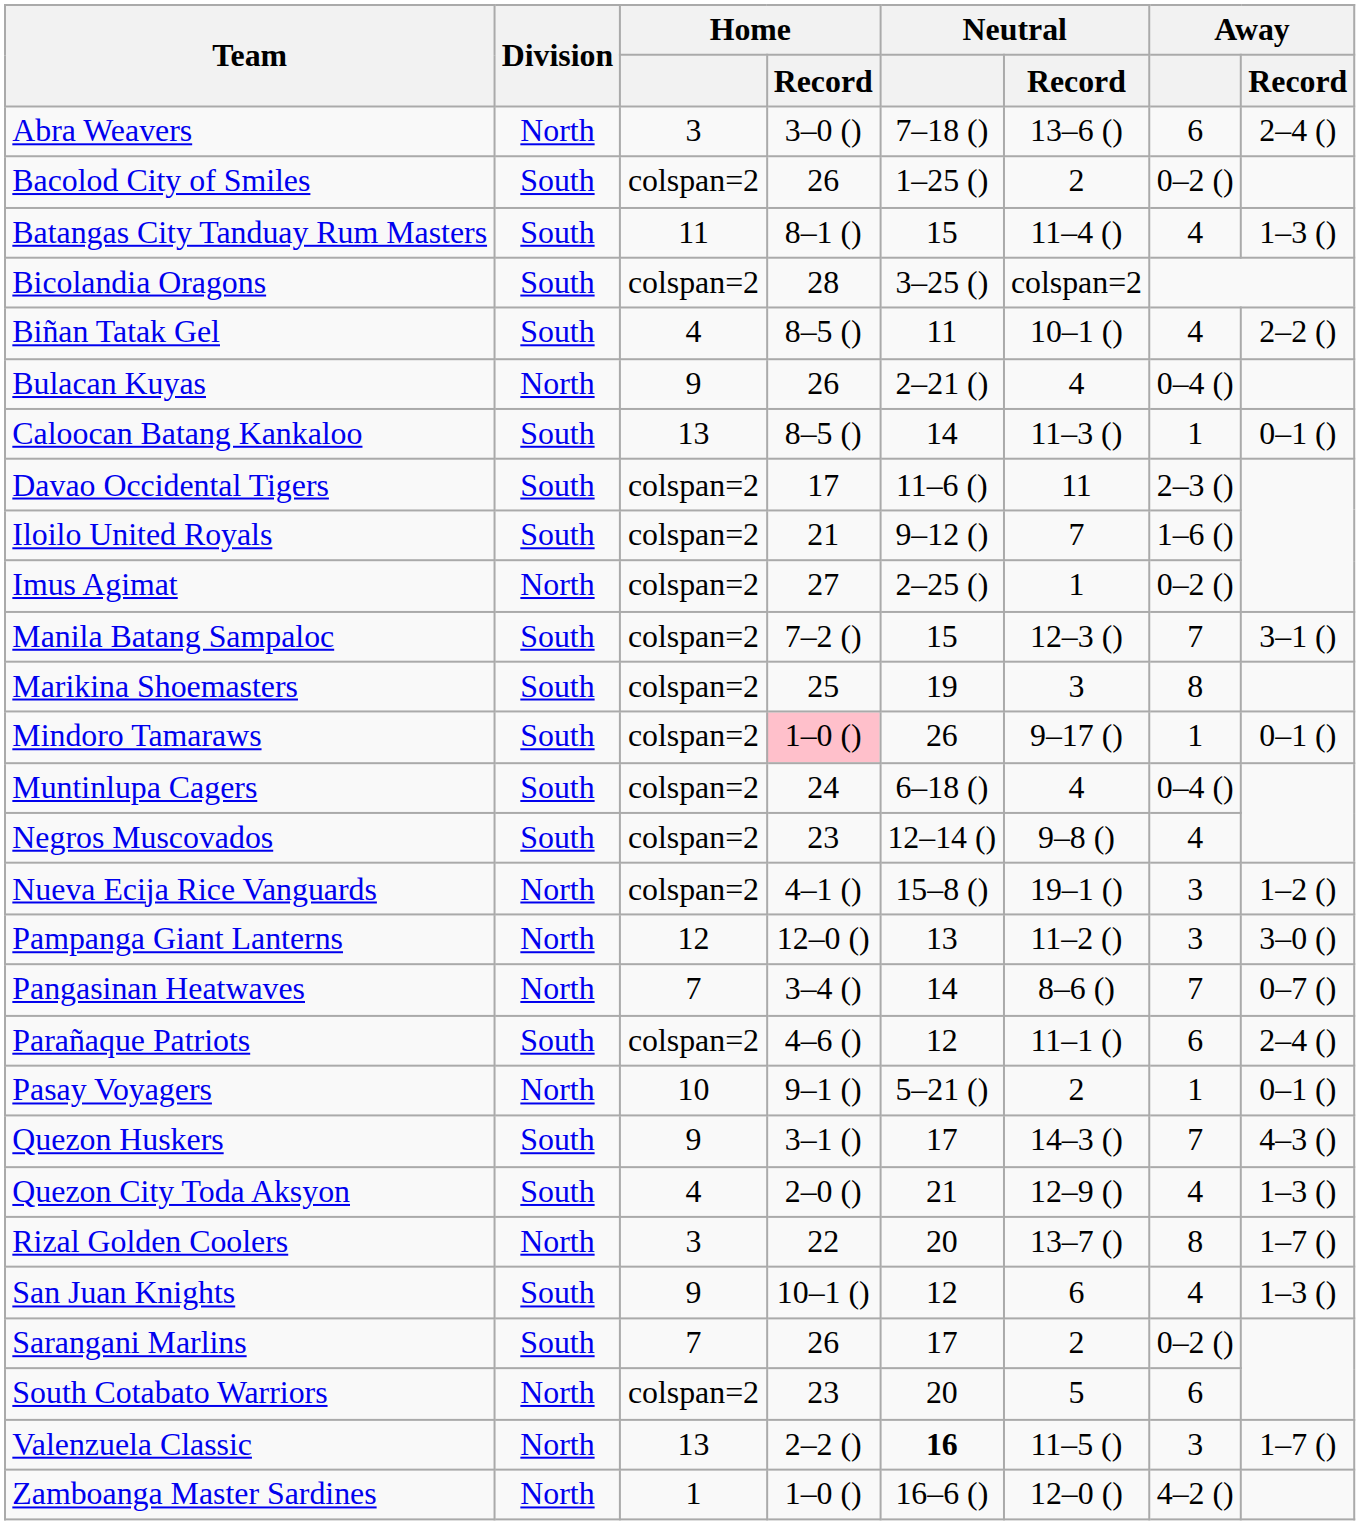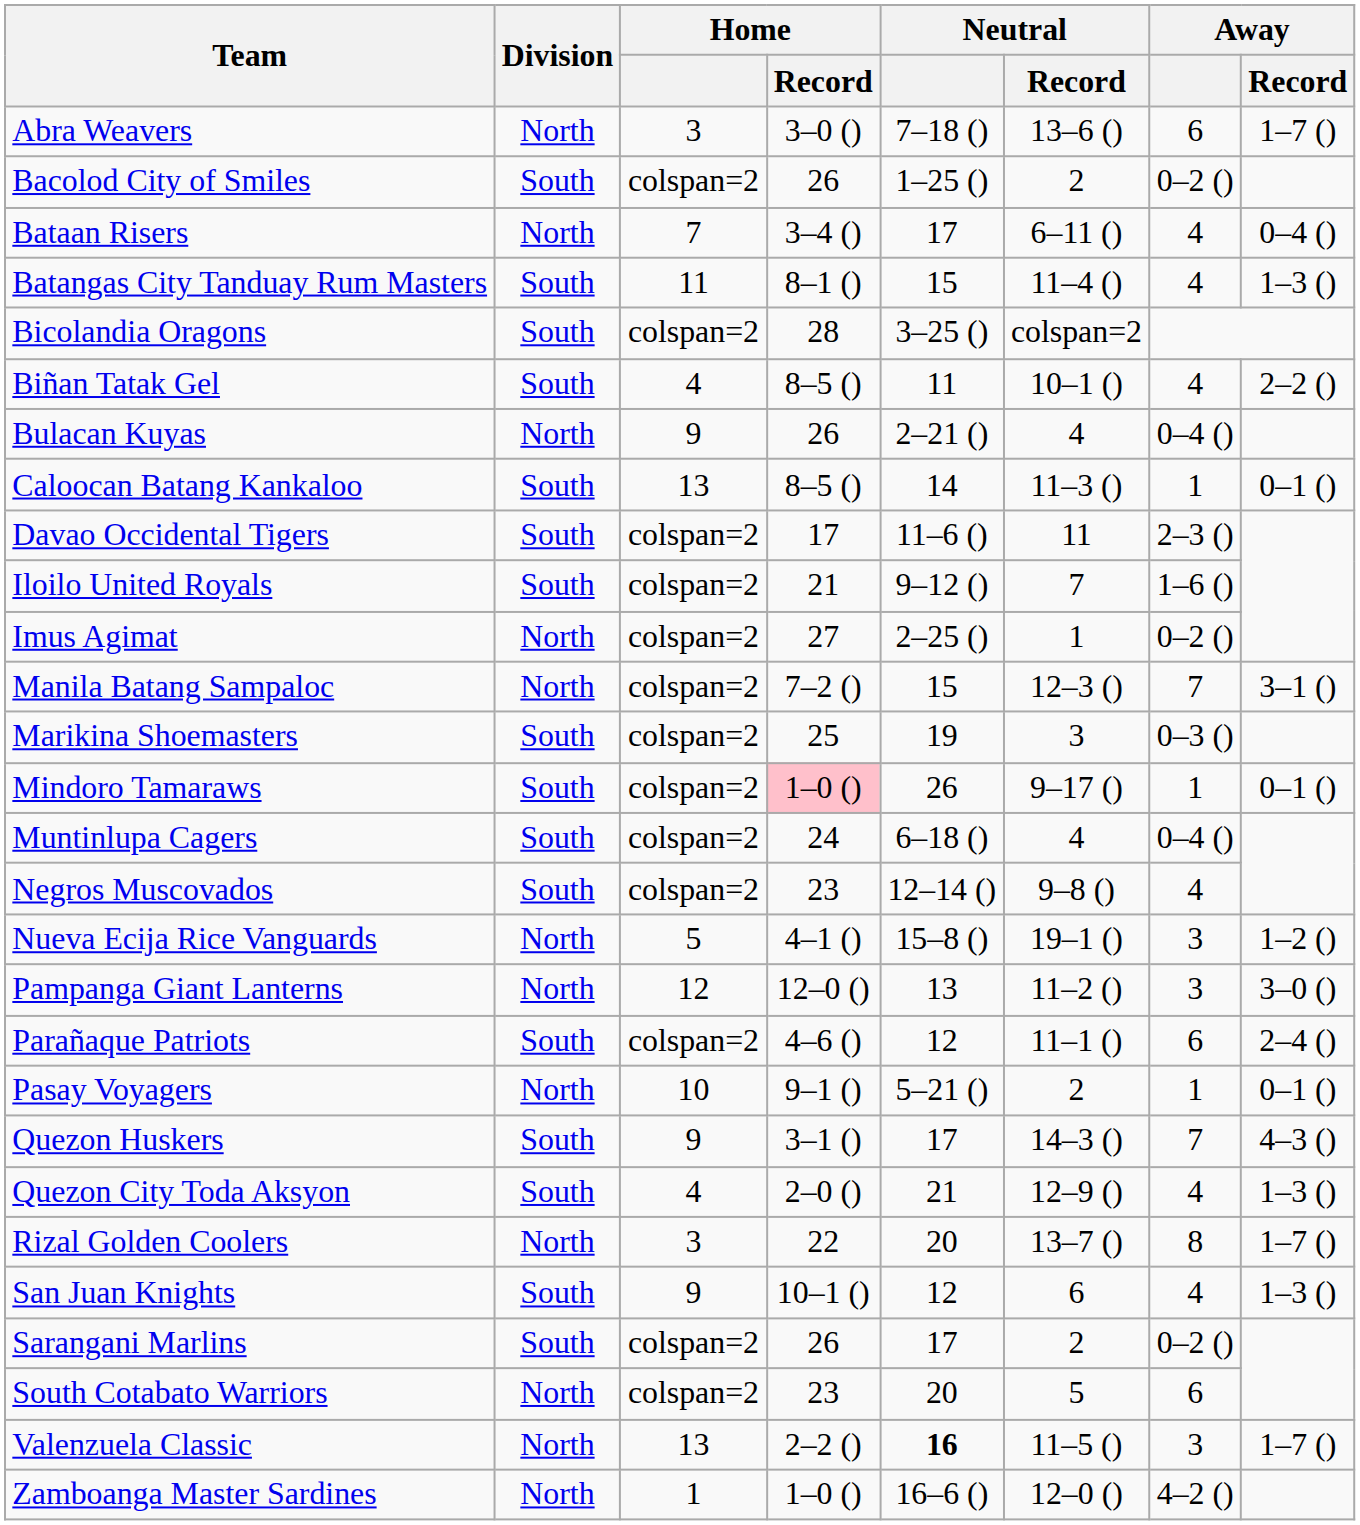 <table class="wikitable sortable" style="text-align:center">
 <tr>
 <th rowspan=2>Team</th>
 <th rowspan=2>Division</th>
 <th colspan=2 class="unsortable">Home</th>
 <th colspan=2 class="unsortable">Neutral</th>
 <th colspan=2 class="unsortable">Away</th>
 </tr>
 <tr>
 <th></th>
 <th>Record</th>
 <th></th>
 <th>Record</th>
 <th></th>
 <th>Record</th>
 </tr>
 <tr>
 <td align=left><a href='#'>Abra Weavers</a></td>
 <td><a href='#'>North</a></td>
 <td>3</td>
 <td>3–0 ()</td>
 <td>7–18 ()</td>
 <td>13–6 ()</td>
 <td>6</td>
-<td>2–4 ()</td>
+<td>1–7 ()</td>
 </tr>
 <tr>
 <td align=left><a href='#'>Bacolod City of Smiles</a></td>
 <td><a href='#'>South</a></td>
 <td>colspan=2 </td>
 <td>26</td>
 <td>1–25 ()</td>
 <td>2</td>
 <td>0–2 ()</td>
+</tr>
+<tr>
+<td align=left><a href='#'>Bataan Risers</a></td>
+<td><a href='#'>North</a></td>
+<td>7</td>
+<td>3–4 ()</td>
+<td>17</td>
+<td>6–11 ()</td>
+<td>4</td>
+<td>0–4 ()</td>
 </tr>
 <tr>
 <td align=left><a href='#'>Batangas City Tanduay Rum Masters</a></td>
 <td><a href='#'>South</a></td>
 <td>11</td>
 <td>8–1 ()</td>
 <td>15</td>
 <td>11–4 ()</td>
 <td>4</td>
 <td>1–3 ()</td>
 </tr>
 <tr>
 <td align=left><a href='#'>Bicolandia Oragons</a></td>
 <td><a href='#'>South</a></td>
 <td>colspan=2 </td>
 <td>28</td>
 <td>3–25 ()</td>
 <td>colspan=2 </td>
 </tr>
 <tr>
 <td align=left><a href='#'>Biñan Tatak Gel</a></td>
 <td><a href='#'>South</a></td>
 <td>4</td>
 <td>8–5 ()</td>
 <td>11</td>
 <td>10–1 ()</td>
 <td>4</td>
 <td>2–2 ()</td>
 </tr>
 <tr>
 <td align=left><a href='#'>Bulacan Kuyas</a></td>
 <td><a href='#'>North</a></td>
 <td>9</td>
 <td>26</td>
 <td>2–21 ()</td>
 <td>4</td>
 <td>0–4 ()</td>
 </tr>
 <tr>
 <td align=left><a href='#'>Caloocan Batang Kankaloo</a></td>
 <td><a href='#'>South</a></td>
 <td>13</td>
 <td>8–5 ()</td>
 <td>14</td>
 <td>11–3 ()</td>
 <td>1</td>
 <td>0–1 ()</td>
 </tr>
 <tr>
 <td align=left><a href='#'>Davao Occidental Tigers</a></td>
 <td><a href='#'>South</a></td>
 <td>colspan=2 </td>
 <td>17</td>
 <td>11–6 ()</td>
 <td>11</td>
 <td>2–3 ()</td>
 </tr>
 <tr>
 <td align=left><a href='#'>Iloilo United Royals</a></td>
 <td><a href='#'>South</a></td>
 <td>colspan=2 </td>
 <td>21</td>
 <td>9–12 ()</td>
 <td>7</td>
 <td>1–6 ()</td>
 </tr>
 <tr>
 <td align=left><a href='#'>Imus Agimat</a></td>
 <td><a href='#'>North</a></td>
 <td>colspan=2 </td>
 <td>27</td>
 <td>2–25 ()</td>
 <td>1</td>
 <td>0–2 ()</td>
 </tr>
 <tr>
 <td align=left><a href='#'>Manila Batang Sampaloc</a></td>
-<td><a href='#'>South</a></td>
+<td><a href='#'>North</a></td>
 <td>colspan=2 </td>
 <td>7–2 ()</td>
 <td>15</td>
 <td>12–3 ()</td>
 <td>7</td>
 <td>3–1 ()</td>
 </tr>
 <tr>
 <td align=left><a href='#'>Marikina Shoemasters</a></td>
 <td><a href='#'>South</a></td>
 <td>colspan=2 </td>
 <td>25</td>
 <td>19</td>
 <td>3</td>
-<td>8</td>
+<td>0–3 ()</td>
 </tr>
 <tr>
 <td align=left><a href='#'>Mindoro Tamaraws</a></td>
 <td><a href='#'>South</a></td>
 <td>colspan=2 </td>
 <td style="background: pink;">1–0 ()</td>
 <td>26</td>
 <td>9–17 ()</td>
 <td>1</td>
 <td>0–1 ()</td>
 </tr>
 <tr>
 <td align=left><a href='#'>Muntinlupa Cagers</a></td>
 <td><a href='#'>South</a></td>
 <td>colspan=2 </td>
 <td>24</td>
 <td>6–18 ()</td>
 <td>4</td>
 <td>0–4 ()</td>
 </tr>
 <tr>
 <td align=left><a href='#'>Negros Muscovados</a></td>
 <td><a href='#'>South</a></td>
 <td>colspan=2 </td>
 <td>23</td>
 <td>12–14 ()</td>
 <td>9–8 ()</td>
 <td>4</td>
 </tr>
 <tr>
 <td align=left><a href='#'>Nueva Ecija Rice Vanguards</a></td>
 <td><a href='#'>North</a></td>
-<td>colspan=2 </td>
+<td>5</td>
 <td>4–1 ()</td>
 <td>15–8 ()</td>
 <td>19–1 ()</td>
 <td>3</td>
 <td>1–2 ()</td>
 </tr>
 <tr>
 <td align=left><a href='#'>Pampanga Giant Lanterns</a></td>
 <td><a href='#'>North</a></td>
 <td>12</td>
 <td>12–0 ()</td>
 <td>13</td>
 <td>11–2 ()</td>
 <td>3</td>
 <td>3–0 ()</td>
-</tr>
-<tr>
-<td align=left><a href='#'>Pangasinan Heatwaves</a></td>
-<td><a href='#'>North</a></td>
-<td>7</td>
-<td>3–4 ()</td>
-<td>14</td>
-<td>8–6 ()</td>
-<td>7</td>
-<td>0–7 ()</td>
 </tr>
 <tr>
 <td align=left><a href='#'>Parañaque Patriots</a></td>
 <td><a href='#'>South</a></td>
 <td>colspan=2 </td>
 <td>4–6 ()</td>
 <td>12</td>
 <td>11–1 ()</td>
 <td>6</td>
 <td>2–4 ()</td>
 </tr>
 <tr>
 <td align=left><a href='#'>Pasay Voyagers</a></td>
 <td><a href='#'>North</a></td>
 <td>10</td>
 <td>9–1 ()</td>
 <td>5–21 ()</td>
 <td>2</td>
 <td>1</td>
 <td>0–1 ()</td>
 </tr>
 <tr>
 <td align=left><a href='#'>Quezon Huskers</a></td>
 <td><a href='#'>South</a></td>
 <td>9</td>
 <td>3–1 ()</td>
 <td>17</td>
 <td>14–3 ()</td>
 <td>7</td>
 <td>4–3 ()</td>
 </tr>
 <tr>
 <td align=left><a href='#'>Quezon City Toda Aksyon</a></td>
 <td><a href='#'>South</a></td>
 <td>4</td>
 <td>2–0 ()</td>
 <td>21</td>
 <td>12–9 ()</td>
 <td>4</td>
 <td>1–3 ()</td>
 </tr>
 <tr>
 <td align=left><a href='#'>Rizal Golden Coolers</a></td>
 <td><a href='#'>North</a></td>
 <td>3</td>
 <td>22</td>
 <td>20</td>
 <td>13–7 ()</td>
 <td>8</td>
 <td>1–7 ()</td>
 </tr>
 <tr>
 <td align=left><a href='#'>San Juan Knights</a></td>
 <td><a href='#'>South</a></td>
 <td>9</td>
 <td>10–1 ()</td>
 <td>12</td>
 <td>6</td>
 <td>4</td>
 <td>1–3 ()</td>
 </tr>
 <tr>
 <td align=left><a href='#'>Sarangani Marlins</a></td>
 <td><a href='#'>South</a></td>
-<td>7</td>
+<td>colspan=2 </td>
 <td>26</td>
 <td>17</td>
 <td>2</td>
 <td>0–2 ()</td>
 </tr>
 <tr>
 <td align=left><a href='#'>South Cotabato Warriors</a></td>
 <td><a href='#'>North</a></td>
 <td>colspan=2 </td>
 <td>23</td>
 <td>20</td>
 <td>5</td>
 <td>6</td>
 </tr>
 <tr>
 <td align=left><a href='#'>Valenzuela Classic</a></td>
 <td><a href='#'>North</a></td>
 <td>13</td>
 <td>2–2 ()</td>
 <td><strong>16</strong></td>
 <td>11–5 ()</td>
 <td>3</td>
 <td>1–7 ()</td>
 </tr>
 <tr>
 <td align=left><a href='#'>Zamboanga Master Sardines</a></td>
 <td><a href='#'>North</a></td>
 <td>1</td>
 <td>1–0 ()</td>
 <td>16–6 ()</td>
 <td>12–0 ()</td>
 <td>4–2 ()</td>
 </tr>
 </table>
